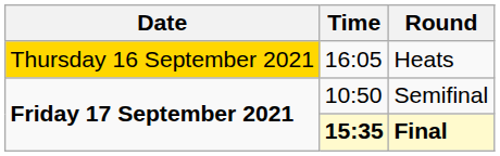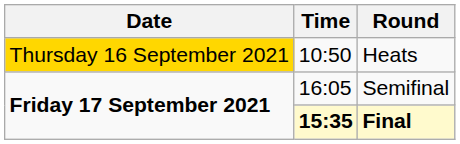 <table class="wikitable">
 <tr>
 <th>Date</th>
 <th>Time</th>
 <th>Round</th>
 </tr>
 <tr>
 <td style="background: gold;">Thursday 16 September 2021</td>
-<td>16:05</td>
+<td>10:50</td>
 <td>Heats</td>
 </tr>
 <tr>
 <td rowspan=2><strong>Friday 17 September 2021</strong></td>
-<td>10:50</td>
+<td>16:05</td>
 <td>Semifinal</td>
 </tr>
 <tr>
 <td style=background:lemonchiffon><strong>15:35</strong></td>
 <td style=background:lemonchiffon><strong>Final</strong></td>
 </tr>
 </table>
